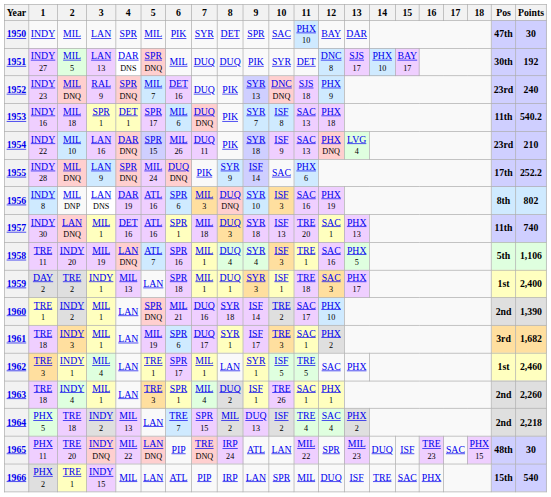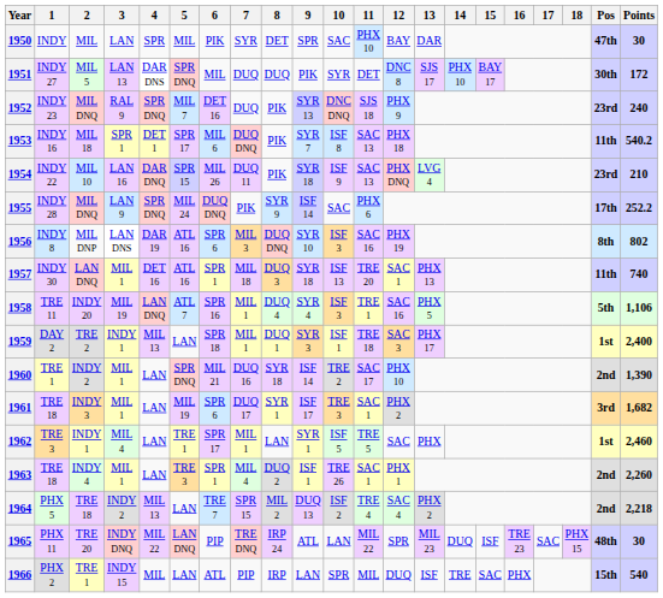 <table class="wikitable" style="text-align:center; font-size:90%">
 <tr>
 <th>Year</th>
 <th>1</th>
 <th>2</th>
 <th>3</th>
 <th>4</th>
 <th>5</th>
 <th>6</th>
 <th>7</th>
 <th>8</th>
 <th>9</th>
 <th>10</th>
 <th>11</th>
 <th>12</th>
 <th>13</th>
 <th>14</th>
 <th>15</th>
 <th>16</th>
 <th>17</th>
 <th>18</th>
 <th>Pos</th>
 <th>Points</th>
 </tr>
 <tr>
 <th rowspan=1><a href='#'>1950</a></th>
 <td><a href='#'>INDY</a></td>
 <td><a href='#'>MIL</a></td>
 <td><a href='#'>LAN</a></td>
 <td><a href='#'>SPR</a></td>
 <td><a href='#'>MIL</a></td>
 <td><a href='#'>PIK</a></td>
 <td><a href='#'>SYR</a></td>
 <td><a href='#'>DET</a></td>
 <td><a href='#'>SPR</a></td>
 <td><a href='#'>SAC</a></td>
 <td style="background:#CFEAFF;"><a href='#'>PHX</a><br><small>10</small></td>
 <td><a href='#'>BAY</a></td>
 <td><a href='#'>DAR</a></td>
 <td colspan=5></td>
 <th style="background:#CFCFFF;">47th</th>
 <th style="background:#CFCFFF;">30</th>
 </tr>
 <tr>
 <th rowspan=1><a href='#'>1951</a></th>
 <td style="background:#EFCFFF;"><a href='#'>INDY</a><br><small>27</small></td>
 <td style="background:#DFFFDF;"><a href='#'>MIL</a><br><small>5</small></td>
 <td style="background:#EFCFFF;"><a href='#'>LAN</a><br><small>13</small></td>
 <td style="background:#FFFFFF;"><a href='#'>DAR</a><br><small>DNS</small></td>
 <td style="background:#FFCFCF;"><a href='#'>SPR</a><br><small>DNQ</small></td>
 <td><a href='#'>MIL</a></td>
 <td><a href='#'>DUQ</a></td>
 <td><a href='#'>DUQ</a></td>
 <td><a href='#'>PIK</a></td>
 <td><a href='#'>SYR</a></td>
 <td><a href='#'>DET</a></td>
 <td style="background:#CFEAFF;"><a href='#'>DNC</a><br><small>8</small></td>
 <td style="background:#EFCFFF;"><a href='#'>SJS</a><br><small>17</small></td>
 <td style="background:#CFEAFF;"><a href='#'>PHX</a><br><small>10</small></td>
 <td style="background:#EFCFFF;"><a href='#'>BAY</a><br><small>17</small></td>
 <td colspan=3></td>
 <th style="background:#CFCFFF;">30th</th>
-<th style="background:#CFCFFF;">192</th>
+<th style="background:#CFCFFF;">172</th>
 </tr>
 <tr>
 <th rowspan=1><a href='#'>1952</a></th>
 <td style="background:#EFCFFF;"><a href='#'>INDY</a><br><small>23</small></td>
 <td style="background:#FFCFCF;"><a href='#'>MIL</a><br><small>DNQ</small></td>
 <td style="background:#EFCFFF;"><a href='#'>RAL</a><br><small>9</small></td>
 <td style="background:#FFCFCF;"><a href='#'>SPR</a><br><small>DNQ</small></td>
 <td style="background:#CFEAFF;"><a href='#'>MIL</a><br><small>7</small></td>
 <td style="background:#EFCFFF;"><a href='#'>DET</a><br><small>16</small></td>
 <td><a href='#'>DUQ</a></td>
 <td><a href='#'>PIK</a></td>
 <td style="background:#CFCFFF;"><a href='#'>SYR</a><br><small>13</small></td>
 <td style="background:#FFCFCF;"><a href='#'>DNC</a><br><small>DNQ</small></td>
 <td style="background:#EFCFFF;"><a href='#'>SJS</a><br><small>18</small></td>
 <td style="background:#CFEAFF;"><a href='#'>PHX</a><br><small>9</small></td>
 <td colspan=6></td>
 <th style="background:#CFCFFF;">23rd</th>
 <th style="background:#CFCFFF;">240</th>
 </tr>
 <tr>
 <th rowspan=1><a href='#'>1953</a></th>
 <td style="background:#EFCFFF;"><a href='#'>INDY</a><br><small>16</small></td>
 <td style="background:#EFCFFF;"><a href='#'>MIL</a><br><small>18</small></td>
 <td style="background:#FFFFBF;"><a href='#'>SPR</a><br><small>1</small></td>
 <td style="background:#FFFFBF;"><a href='#'>DET</a><br><small>1</small></td>
 <td style="background:#EFCFFF;"><a href='#'>SPR</a><br><small>17</small></td>
 <td style="background:#CFEAFF;"><a href='#'>MIL</a><br><small>6</small></td>
 <td style="background:#FFCFCF;"><a href='#'>DUQ</a><br><small>DNQ</small></td>
 <td><a href='#'>PIK</a></td>
 <td style="background:#CFEAFF;"><a href='#'>SYR</a><br><small>7</small></td>
 <td style="background:#CFEAFF;"><a href='#'>ISF</a><br><small>8</small></td>
 <td style="background:#EFCFFF;"><a href='#'>SAC</a><br><small>13</small></td>
 <td style="background:#EFCFFF;"><a href='#'>PHX</a><br><small>18</small></td>
 <td colspan=6></td>
 <th style="background:#CFCFFF;">11th</th>
 <th style="background:#CFCFFF;">540.2</th>
 </tr>
 <tr>
 <th rowspan=1><a href='#'>1954</a></th>
 <td style="background:#EFCFFF;"><a href='#'>INDY</a><br><small>22</small></td>
 <td style="background:#CFEAFF;"><a href='#'>MIL</a><br><small>10</small></td>
 <td style="background:#EFCFFF;"><a href='#'>LAN</a><br><small>16</small></td>
 <td style="background:#FFCFCF;"><a href='#'>DAR</a><br><small>DNQ</small></td>
 <td style="background:#CFCFFF;"><a href='#'>SPR</a><br><small>15</small></td>
 <td style="background:#EFCFFF;"><a href='#'>MIL</a><br><small>26</small></td>
 <td style="background:#EFCFFF;"><a href='#'>DUQ</a><br><small>11</small></td>
 <td><a href='#'>PIK</a></td>
 <td style="background:#CFCFFF;"><a href='#'>SYR</a><br><small>18</small></td>
 <td style="background:#EFCFFF;"><a href='#'>ISF</a><br><small>9</small></td>
 <td style="background:#EFCFFF;"><a href='#'>SAC</a><br><small>13</small></td>
 <td style="background:#FFCFCF;"><a href='#'>PHX</a><br><small>DNQ</small></td>
 <td style="background:#DFFFDF;"><a href='#'>LVG</a><br><small>4</small></td>
 <td colspan=5></td>
 <th style="background:#CFCFFF;">23rd</th>
 <th style="background:#CFCFFF;">210</th>
 </tr>
 <tr>
 <th rowspan=1><a href='#'>1955</a></th>
 <td style="background:#EFCFFF;"><a href='#'>INDY</a><br><small>28</small></td>
 <td style="background:#FFCFCF;"><a href='#'>MIL</a><br><small>DNQ</small></td>
 <td style="background:#CFEAFF;"><a href='#'>LAN</a><br><small>9</small></td>
 <td style="background:#FFCFCF;"><a href='#'>SPR</a><br><small>DNQ</small></td>
 <td style="background:#EFCFFF;"><a href='#'>MIL</a><br><small>24</small></td>
 <td style="background:#FFCFCF;"><a href='#'>DUQ</a><br><small>DNQ</small></td>
 <td><a href='#'>PIK</a></td>
 <td style="background:#CFEAFF;"><a href='#'>SYR</a><br><small>9</small></td>
 <td style="background:#CFCFFF;"><a href='#'>ISF</a><br><small>14</small></td>
 <td><a href='#'>SAC</a></td>
 <td style="background:#CFEAFF;"><a href='#'>PHX</a><br><small>6</small></td>
 <td colspan=7></td>
 <th style="background:#CFCFFF;">17th</th>
 <th style="background:#CFCFFF;">252.2</th>
 </tr>
 <tr>
 <th rowspan=1><a href='#'>1956</a></th>
 <td style="background:#CFEAFF;"><a href='#'>INDY</a><br><small>8</small></td>
 <td><a href='#'>MIL</a><br><small>DNP</small></td>
 <td style="background:#FFFFFF;"><a href='#'>LAN</a><br><small>DNS</small></td>
 <td style="background:#EFCFFF;"><a href='#'>DAR</a><br><small>19</small></td>
 <td style="background:#EFCFFF;"><a href='#'>ATL</a><br><small>16</small></td>
 <td style="background:#CFEAFF;"><a href='#'>SPR</a><br><small>6</small></td>
 <td style="background:#FFDF9F;"><a href='#'>MIL</a><br><small>3</small></td>
 <td style="background:#FFCFCF;"><a href='#'>DUQ</a><br><small>DNQ</small></td>
 <td style="background:#CFEAFF;"><a href='#'>SYR</a><br><small>10</small></td>
 <td style="background:#FFDF9F;"><a href='#'>ISF</a><br><small>3</small></td>
 <td style="background:#EFCFFF;"><a href='#'>SAC</a><br><small>16</small></td>
 <td style="background:#EFCFFF;"><a href='#'>PHX</a><br><small>19</small></td>
 <td colspan=6></td>
 <th style="background:#CFEAFF;">8th</th>
 <th style="background:#CFEAFF;">802</th>
 </tr>
 <tr>
 <th rowspan=1><a href='#'>1957</a></th>
 <td style="background:#EFCFFF;"><a href='#'>INDY</a><br><small>30</small></td>
 <td style="background:#FFCFCF;"><a href='#'>LAN</a><br><small>DNQ</small></td>
 <td style="background:#FFFFBF;"><a href='#'>MIL</a><br><small>1</small></td>
 <td style="background:#EFCFFF;"><a href='#'>DET</a><br><small>16</small></td>
 <td style="background:#EFCFFF;"><a href='#'>ATL</a><br><small>16</small></td>
 <td style="background:#FFFFBF;"><a href='#'>SPR</a><br><small>1</small></td>
 <td style="background:#EFCFFF;"><a href='#'>MIL</a><br><small>18</small></td>
 <td style="background:#FFDF9F;"><a href='#'>DUQ</a><br><small>3</small></td>
 <td style="background:#EFCFFF;"><a href='#'>SYR</a><br><small>18</small></td>
 <td style="background:#EFCFFF;"><a href='#'>ISF</a><br><small>13</small></td>
 <td style="background:#EFCFFF;"><a href='#'>TRE</a><br><small>20</small></td>
 <td style="background:#FFFFBF;"><a href='#'>SAC</a><br><small>1</small></td>
 <td style="background:#EFCFFF;"><a href='#'>PHX</a><br><small>13</small></td>
 <td colspan=5></td>
 <th style="background:#CFCFFF;">11th</th>
 <th style="background:#CFCFFF;">740</th>
 </tr>
 <tr>
 <th rowspan=1><a href='#'>1958</a></th>
 <td style="background:#EFCFFF;"><a href='#'>TRE</a><br><small>11</small></td>
 <td style="background:#EFCFFF;"><a href='#'>INDY</a><br><small>20</small></td>
 <td style="background:#EFCFFF;"><a href='#'>MIL</a><br><small>19</small></td>
 <td style="background:#FFCFCF;"><a href='#'>LAN</a><br><small>DNQ</small></td>
 <td style="background:#CFEAFF;"><a href='#'>ATL</a><br><small>7</small></td>
 <td style="background:#EFCFFF;"><a href='#'>SPR</a><br><small>16</small></td>
 <td style="background:#FFFFBF;"><a href='#'>MIL</a><br><small>1</small></td>
 <td style="background:#DFFFDF;"><a href='#'>DUQ</a><br><small>4</small></td>
 <td style="background:#DFFFDF;"><a href='#'>SYR</a><br><small>4</small></td>
 <td style="background:#FFDF9F;"><a href='#'>ISF</a><br><small>3</small></td>
 <td style="background:#FFFFBF;"><a href='#'>TRE</a><br><small>1</small></td>
 <td style="background:#EFCFFF;"><a href='#'>SAC</a><br><small>16</small></td>
 <td style="background:#DFFFDF;"><a href='#'>PHX</a><br><small>5</small></td>
 <td colspan=5></td>
 <th style="background:#DFFFDF;">5th</th>
 <th style="background:#DFFFDF;">1,106</th>
 </tr>
 <tr>
 <th rowspan=1><a href='#'>1959</a></th>
 <td style="background:#dfdfdf;"><a href='#'>DAY</a><br><small>2</small></td>
 <td style="background:#dfdfdf;"><a href='#'>TRE</a><br><small>2</small></td>
 <td style="background:#ffffbf;"><a href='#'>INDY</a><br><small>1</small></td>
 <td style="background:#efcfff;"><a href='#'>MIL</a><br><small>13</small></td>
 <td><a href='#'>LAN</a></td>
 <td style="background:#efcfff;"><a href='#'>SPR</a><br><small>18</small></td>
 <td style="background:#ffffbf;"><a href='#'>MIL</a><br><small>1</small></td>
 <td style="background:#ffffbf;"><a href='#'>DUQ</a><br><small>1</small></td>
 <td style="background:#ffdf9f;"><a href='#'>SYR</a><br><small>3</small></td>
 <td style="background:#ffffbf;"><a href='#'>ISF</a><br><small>1</small></td>
 <td style="background:#efcfff;"><a href='#'>TRE</a><br><small>18</small></td>
 <td style="background:#ffdf9f;"><a href='#'>SAC</a><br><small>3</small></td>
 <td style="background:#efcfff;"><a href='#'>PHX</a><br><small>17</small></td>
 <td colspan=5></td>
 <th style="background:#ffffbf;">1st</th>
 <th style="background:#ffffbf;">2,400</th>
 </tr>
 <tr>
 <th><a href='#'>1960</a></th>
 <td style="background:#FFFFBF;"><a href='#'>TRE</a><br><small>1</small></td>
 <td style="background:#DFDFDF;"><a href='#'>INDY</a><br><small>2</small></td>
 <td style="background:#FFFFBF;"><a href='#'>MIL</a><br><small>1</small></td>
 <td><a href='#'>LAN</a></td>
 <td style="background:#FFCFCF;"><a href='#'>SPR</a><br><small>DNQ</small></td>
 <td style="background:#EFCFFF;"><a href='#'>MIL</a><br><small>21</small></td>
 <td style="background:#EFCFFF;"><a href='#'>DUQ</a><br><small>16</small></td>
 <td style="background:#EFCFFF;"><a href='#'>SYR</a><br><small>18</small></td>
 <td style="background:#EFCFFF;"><a href='#'>ISF</a><br><small>14</small></td>
 <td style="background:#DFDFDF;"><a href='#'>TRE</a><br><small>2</small></td>
 <td style="background:#EFCFFF;"><a href='#'>SAC</a><br><small>17</small></td>
 <td style="background:#CFEAFF;"><a href='#'>PHX</a><br><small>10</small></td>
 <td colspan=6></td>
 <th style="background:#DFDFDF;">2nd</th>
 <th style="background:#DFDFDF;">1,390</th>
 </tr>
 <tr>
 <th><a href='#'>1961</a></th>
 <td style="background:#EFCFFF;"><a href='#'>TRE</a><br><small>18</small></td>
 <td style="background:#FFDF9F;"><a href='#'>INDY</a><br><small>3</small></td>
 <td style="background:#FFFFBF;"><a href='#'>MIL</a><br><small>1</small></td>
 <td><a href='#'>LAN</a></td>
 <td style="background:#EFCFFF;"><a href='#'>MIL</a><br><small>19</small></td>
 <td style="background:#CFEAFF;"><a href='#'>SPR</a><br><small>6</small></td>
 <td style="background:#EFCFFF;"><a href='#'>DUQ</a><br><small>17</small></td>
 <td style="background:#FFFFBF;"><a href='#'>SYR</a><br><small>1</small></td>
 <td style="background:#EFCFFF;"><a href='#'>ISF</a><br><small>17</small></td>
 <td style="background:#FFDF9F;"><a href='#'>TRE</a><br><small>3</small></td>
 <td style="background:#FFFFBF;"><a href='#'>SAC</a><br><small>1</small></td>
 <td style="background:#DFDFDF;"><a href='#'>PHX</a><br><small>2</small></td>
 <td colspan=6></td>
 <th style="background:#FFDF9F;">3rd</th>
 <th style="background:#FFDF9F;">1,682</th>
 </tr>
 <tr>
 <th><a href='#'>1962</a></th>
 <td style="background:#FFDF9F;"><a href='#'>TRE</a><br><small>3</small></td>
 <td style="background:#FFFFBF;"><a href='#'>INDY</a><br><small>1</small></td>
 <td style="background:#DFFFDF;"><a href='#'>MIL</a><br><small>4</small></td>
 <td><a href='#'>LAN</a></td>
 <td style="background:#FFFFBF;"><a href='#'>TRE</a><br><small>1</small></td>
 <td style="background:#EFCFFF;"><a href='#'>SPR</a><br><small>17</small></td>
 <td style="background:#FFFFBF;"><a href='#'>MIL</a><br><small>1</small></td>
 <td><a href='#'>LAN</a></td>
 <td style="background:#FFFFBF;"><a href='#'>SYR</a><br><small>1</small></td>
 <td style="background:#DFFFDF;"><a href='#'>ISF</a><br><small>5</small></td>
 <td style="background:#DFFFDF;"><a href='#'>TRE</a><br><small>5</small></td>
 <td><a href='#'>SAC</a></td>
 <td><a href='#'>PHX</a></td>
 <td colspan=5></td>
 <th style="background:#ffffbf;">1st</th>
 <th style="background:#ffffbf;">2,460</th>
 </tr>
 <tr>
 <th><a href='#'>1963</a></th>
 <td style="background:#EFCFFF;"><a href='#'>TRE</a><br><small>18</small></td>
 <td style="background:#DFFFDF;"><a href='#'>INDY</a><br><small>4</small></td>
 <td style="background:#FFFFBF;"><a href='#'>MIL</a><br><small>1</small></td>
 <td><a href='#'>LAN</a></td>
 <td style="background:#FFDF9F;"><a href='#'>TRE</a><br><small>3</small></td>
 <td style="background:#FFFFBF;"><a href='#'>SPR</a><br><small>1</small></td>
 <td style="background:#DFFFDF;"><a href='#'>MIL</a><br><small>4</small></td>
 <td style="background:#DFDFDF;"><a href='#'>DUQ</a><br><small>2</small></td>
 <td style="background:#FFFFBF;"><a href='#'>ISF</a><br><small>1</small></td>
 <td style="background:#EFCFFF;"><a href='#'>TRE</a><br><small>26</small></td>
 <td style="background:#FFFFBF;"><a href='#'>SAC</a><br><small>1</small></td>
 <td style="background:#FFFFBF;"><a href='#'>PHX</a><br><small>1</small></td>
 <td colspan=6></td>
 <th style="background:#DFDFDF;">2nd</th>
 <th style="background:#DFDFDF;">2,260</th>
 </tr>
 <tr>
 <th><a href='#'>1964</a></th>
 <td style="background:#DFFFDF;"><a href='#'>PHX</a><br><small>5</small></td>
 <td style="background:#EFCFFF;"><a href='#'>TRE</a><br><small>18</small></td>
 <td style="background:#DFDFDF;"><a href='#'>INDY</a><br><small>2</small></td>
 <td style="background:#EFCFFF;"><a href='#'>MIL</a><br><small>13</small></td>
 <td><a href='#'>LAN</a></td>
 <td style="background:#CFEAFF;"><a href='#'>TRE</a><br><small>7</small></td>
 <td style="background:#EFCFFF;"><a href='#'>SPR</a><br><small>15</small></td>
 <td style="background:#DFDFDF;"><a href='#'>MIL</a><br><small>2</small></td>
 <td style="background:#EFCFFF;"><a href='#'>DUQ</a><br><small>13</small></td>
 <td style="background:#DFDFDF;"><a href='#'>ISF</a><br><small>2</small></td>
 <td style="background:#DFFFDF;"><a href='#'>TRE</a><br><small>4</small></td>
 <td style="background:#DFFFDF;"><a href='#'>SAC</a><br><small>4</small></td>
 <td style="background:#DFDFDF;"><a href='#'>PHX</a><br><small>2</small></td>
 <td colspan=5></td>
 <th style="background:#DFDFDF;">2nd</th>
 <th style="background:#DFDFDF;">2,218</th>
 </tr>
 <tr>
 <th><a href='#'>1965</a></th>
 <td style="background:#EFCFFF;"><a href='#'>PHX</a><br><small>11</small></td>
 <td style="background:#EFCFFF;"><a href='#'>TRE</a><br><small>20</small></td>
 <td style="background:#FFCFCF;"><a href='#'>INDY</a><br><small>DNQ</small></td>
 <td style="background:#EFCFFF;"><a href='#'>MIL</a><br><small>22</small></td>
 <td style="background:#FFCFCF;"><a href='#'>LAN</a><br><small>DNQ</small></td>
 <td><a href='#'>PIP</a></td>
 <td style="background:#FFCFCF;"><a href='#'>TRE</a><br><small>DNQ</small></td>
 <td style="background:#EFCFFF;"><a href='#'>IRP</a><br><small>24</small></td>
 <td><a href='#'>ATL</a></td>
 <td><a href='#'>LAN</a></td>
 <td style="background:#EFCFFF;"><a href='#'>MIL</a><br><small>22</small></td>
 <td><a href='#'>SPR</a></td>
 <td style="background:#EFCFFF;"><a href='#'>MIL</a><br><small>23</small></td>
 <td><a href='#'>DUQ</a></td>
 <td><a href='#'>ISF</a></td>
 <td style="background:#EFCFFF;"><a href='#'>TRE</a><br><small>23</small></td>
 <td><a href='#'>SAC</a></td>
 <td style="background:#EFCFFF;"><a href='#'>PHX</a><br><small>15</small></td>
 <th style="background:#CFCFFF;">48th</th>
 <th style="background:#CFCFFF;">30</th>
 </tr>
 <tr>
 <th><a href='#'>1966</a></th>
 <td style="background:#DFDFDF;"><a href='#'>PHX</a><br><small>2</small></td>
 <td style="background:#FFFFBF;"><a href='#'>TRE</a><br><small>1</small></td>
 <td style="background:#EFCFFF;"><a href='#'>INDY</a><br><small>15</small></td>
 <td><a href='#'>MIL</a></td>
 <td><a href='#'>LAN</a></td>
 <td><a href='#'>ATL</a></td>
 <td><a href='#'>PIP</a></td>
 <td><a href='#'>IRP</a></td>
 <td><a href='#'>LAN</a></td>
 <td><a href='#'>SPR</a></td>
 <td><a href='#'>MIL</a></td>
 <td><a href='#'>DUQ</a></td>
 <td><a href='#'>ISF</a></td>
 <td><a href='#'>TRE</a></td>
 <td><a href='#'>SAC</a></td>
 <td><a href='#'>PHX</a></td>
 <td colspan=2></td>
 <th style="background:#CFCFFF;">15th</th>
 <th style="background:#CFCFFF;">540</th>
 </tr>
 </table>
